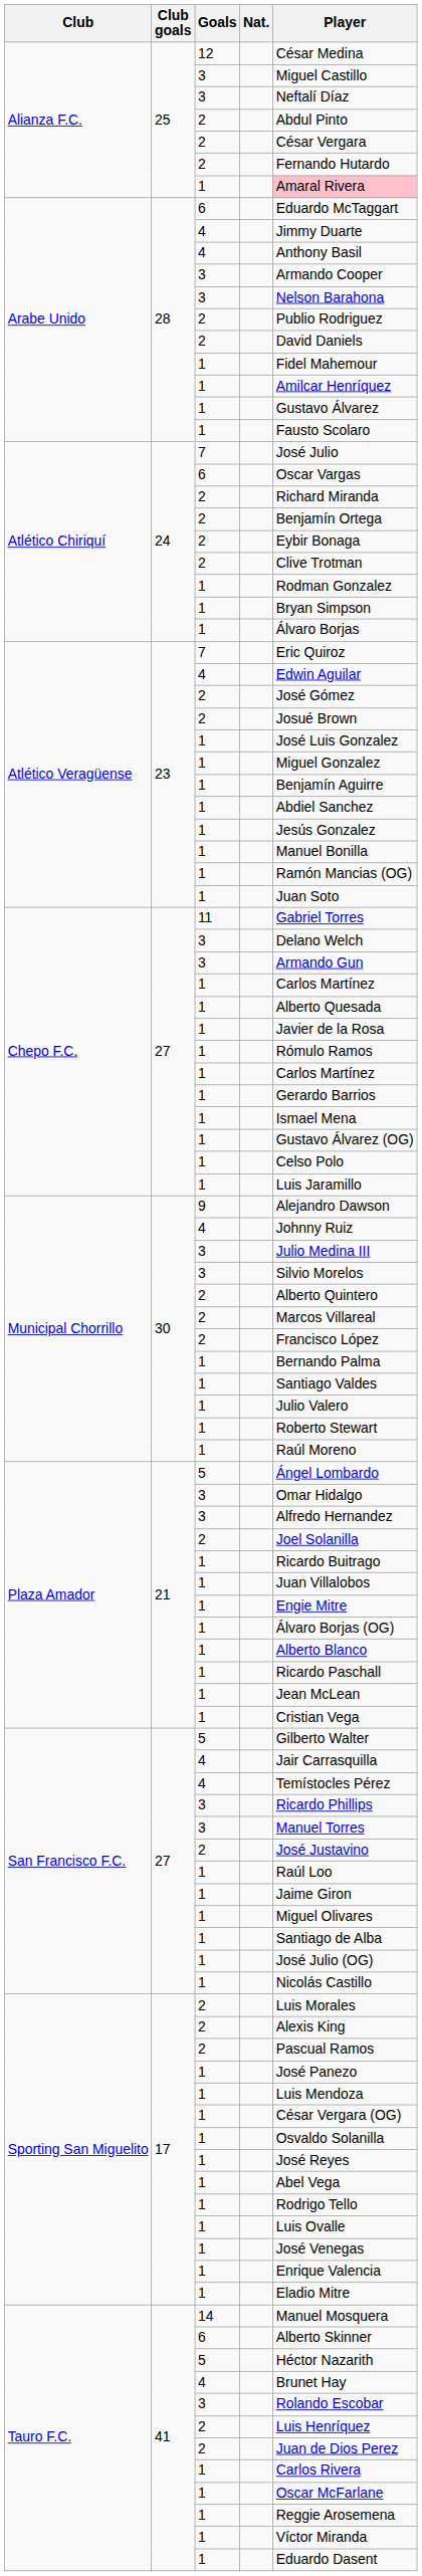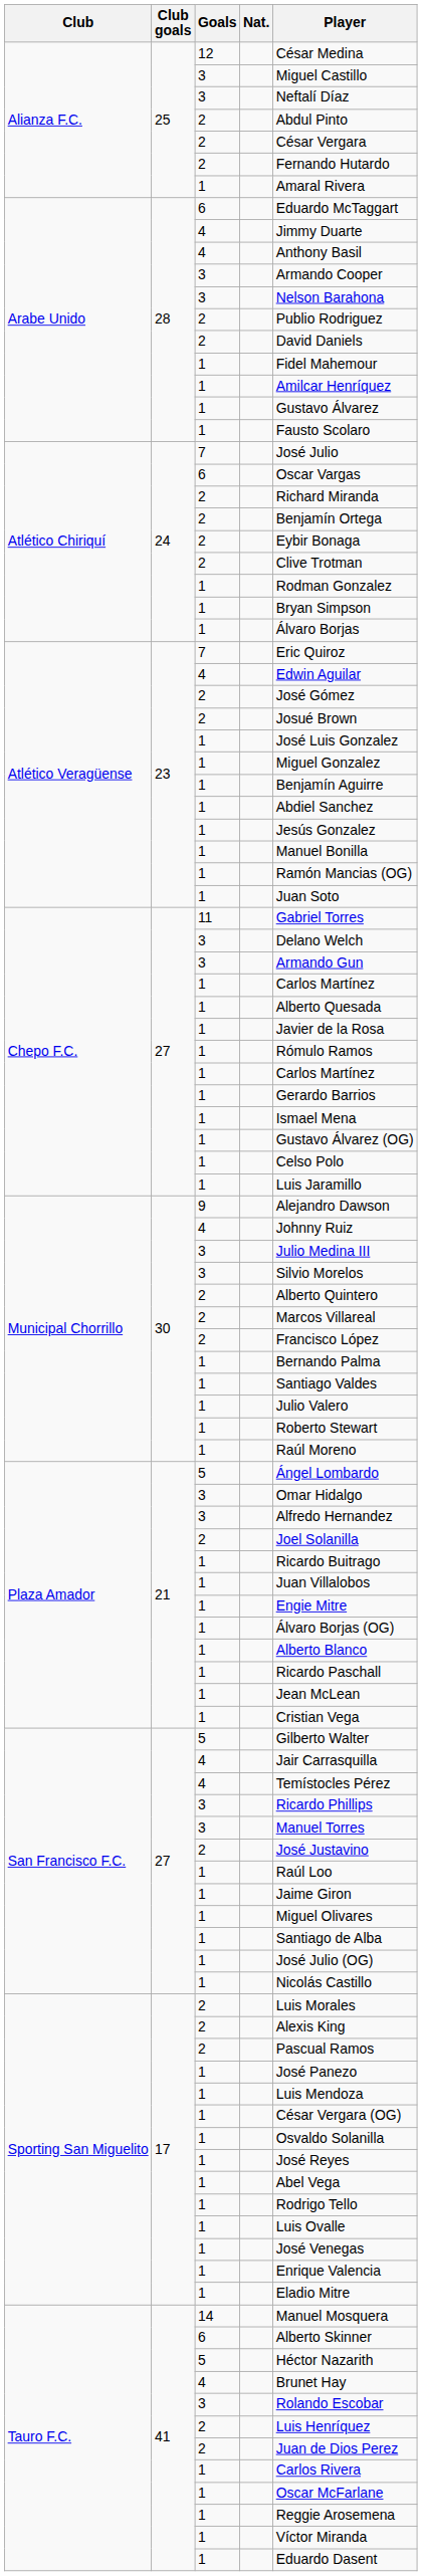 <table class="wikitable sortable">
 <tr>
 <th>Club</th>
 <th>Club<br>goals</th>
 <th>Goals</th>
 <th>Nat.</th>
 <th>Player</th>
 </tr>
 <tr>
 <td rowspan=7><a href='#'>Alianza F.C.</a></td>
 <td rowspan=7>25</td>
 <td>12</td>
 <td></td>
 <td>César Medina</td>
 </tr>
 <tr>
 <td>3</td>
 <td></td>
 <td>Miguel Castillo</td>
 </tr>
 <tr>
 <td>3</td>
 <td></td>
 <td>Neftalí Díaz</td>
 </tr>
 <tr>
 <td>2</td>
 <td></td>
 <td>Abdul Pinto</td>
 </tr>
 <tr>
 <td>2</td>
 <td></td>
 <td>César Vergara</td>
 </tr>
 <tr>
 <td>2</td>
 <td></td>
 <td>Fernando Hutardo</td>
 </tr>
 <tr>
 <td>1</td>
 <td></td>
-<td style="background: pink;">Amaral Rivera</td>
+<td>Amaral Rivera</td>
 </tr>
 <tr>
 <td rowspan=11><a href='#'>Arabe Unido</a></td>
 <td rowspan=11>28</td>
 <td>6</td>
 <td></td>
 <td>Eduardo McTaggart</td>
 </tr>
 <tr>
 <td>4</td>
 <td></td>
 <td>Jimmy Duarte</td>
 </tr>
 <tr>
 <td>4</td>
 <td></td>
 <td>Anthony Basil</td>
 </tr>
 <tr>
 <td>3</td>
 <td></td>
 <td>Armando Cooper</td>
 </tr>
 <tr>
 <td>3</td>
 <td></td>
 <td><a href='#'>Nelson Barahona</a></td>
 </tr>
 <tr>
 <td>2</td>
 <td></td>
 <td>Publio Rodriguez</td>
 </tr>
 <tr>
 <td>2</td>
 <td></td>
 <td>David Daniels</td>
 </tr>
 <tr>
 <td>1</td>
 <td></td>
 <td>Fidel Mahemour</td>
 </tr>
 <tr>
 <td>1</td>
 <td></td>
 <td><a href='#'>Amilcar Henríquez</a></td>
 </tr>
 <tr>
 <td>1</td>
 <td></td>
 <td>Gustavo Álvarez</td>
 </tr>
 <tr>
 <td>1</td>
 <td></td>
 <td>Fausto Scolaro</td>
 </tr>
 <tr>
 <td rowspan=9><a href='#'>Atlético Chiriquí</a></td>
 <td rowspan=9>24</td>
 <td>7</td>
 <td></td>
 <td>José Julio</td>
 </tr>
 <tr>
 <td>6</td>
 <td></td>
 <td>Oscar Vargas</td>
 </tr>
 <tr>
 <td>2</td>
 <td></td>
 <td>Richard Miranda</td>
 </tr>
 <tr>
 <td>2</td>
 <td></td>
 <td>Benjamín Ortega</td>
 </tr>
 <tr>
 <td>2</td>
 <td></td>
 <td>Eybir Bonaga</td>
 </tr>
 <tr>
 <td>2</td>
 <td></td>
 <td>Clive Trotman</td>
 </tr>
 <tr>
 <td>1</td>
 <td></td>
 <td>Rodman Gonzalez</td>
 </tr>
 <tr>
 <td>1</td>
 <td></td>
 <td>Bryan Simpson</td>
 </tr>
 <tr>
 <td>1</td>
 <td></td>
 <td>Álvaro Borjas</td>
 </tr>
 <tr>
 <td rowspan=12><a href='#'>Atlético Veragüense</a></td>
 <td rowspan=12>23</td>
 <td>7</td>
 <td></td>
 <td>Eric Quiroz</td>
 </tr>
 <tr>
 <td>4</td>
 <td></td>
 <td><a href='#'>Edwin Aguilar</a></td>
 </tr>
 <tr>
 <td>2</td>
 <td></td>
 <td>José Gómez</td>
 </tr>
 <tr>
 <td>2</td>
 <td></td>
 <td>Josué Brown</td>
 </tr>
 <tr>
 <td>1</td>
 <td></td>
 <td>José Luis Gonzalez</td>
 </tr>
 <tr>
 <td>1</td>
 <td></td>
 <td>Miguel Gonzalez</td>
 </tr>
 <tr>
 <td>1</td>
 <td></td>
 <td>Benjamín Aguirre</td>
 </tr>
 <tr>
 <td>1</td>
 <td></td>
 <td>Abdiel Sanchez</td>
 </tr>
 <tr>
 <td>1</td>
 <td></td>
 <td>Jesús Gonzalez</td>
 </tr>
 <tr>
 <td>1</td>
 <td></td>
 <td>Manuel Bonilla</td>
 </tr>
 <tr>
 <td>1</td>
 <td></td>
 <td>Ramón Mancias (OG)</td>
 </tr>
 <tr>
 <td>1</td>
 <td></td>
 <td>Juan Soto</td>
 </tr>
 <tr>
 <td rowspan=13><a href='#'>Chepo F.C.</a></td>
 <td rowspan=13>27</td>
 <td>11</td>
 <td></td>
 <td><a href='#'>Gabriel Torres</a></td>
 </tr>
 <tr>
 <td>3</td>
 <td></td>
 <td>Delano Welch</td>
 </tr>
 <tr>
 <td>3</td>
 <td></td>
 <td><a href='#'>Armando Gun</a></td>
 </tr>
 <tr>
 <td>1</td>
 <td></td>
 <td>Carlos Martínez</td>
 </tr>
 <tr>
 <td>1</td>
 <td></td>
 <td>Alberto Quesada</td>
 </tr>
 <tr>
 <td>1</td>
 <td></td>
 <td>Javier de la Rosa</td>
 </tr>
 <tr>
 <td>1</td>
 <td></td>
 <td>Rómulo Ramos</td>
 </tr>
 <tr>
 <td>1</td>
 <td></td>
 <td>Carlos Martínez</td>
 </tr>
 <tr>
 <td>1</td>
 <td></td>
 <td>Gerardo Barrios</td>
 </tr>
 <tr>
 <td>1</td>
 <td></td>
 <td>Ismael Mena</td>
 </tr>
 <tr>
 <td>1</td>
 <td></td>
 <td>Gustavo Álvarez (OG)</td>
 </tr>
 <tr>
 <td>1</td>
 <td></td>
 <td>Celso Polo</td>
 </tr>
 <tr>
 <td>1</td>
 <td></td>
 <td>Luis Jaramillo</td>
 </tr>
 <tr>
 <td rowspan=12><a href='#'>Municipal Chorrillo</a></td>
 <td rowspan=12>30</td>
 <td>9</td>
 <td></td>
 <td>Alejandro Dawson</td>
 </tr>
 <tr>
 <td>4</td>
 <td></td>
 <td>Johnny Ruiz</td>
 </tr>
 <tr>
 <td>3</td>
 <td></td>
 <td><a href='#'>Julio Medina III</a></td>
 </tr>
 <tr>
 <td>3</td>
 <td></td>
 <td>Silvio Morelos</td>
 </tr>
 <tr>
 <td>2</td>
 <td></td>
 <td>Alberto Quintero</td>
 </tr>
 <tr>
 <td>2</td>
 <td></td>
 <td>Marcos Villareal</td>
 </tr>
 <tr>
 <td>2</td>
 <td></td>
 <td>Francisco López</td>
 </tr>
 <tr>
 <td>1</td>
 <td></td>
 <td>Bernando Palma</td>
 </tr>
 <tr>
 <td>1</td>
 <td></td>
 <td>Santiago Valdes</td>
 </tr>
 <tr>
 <td>1</td>
 <td></td>
 <td>Julio Valero</td>
 </tr>
 <tr>
 <td>1</td>
 <td></td>
 <td>Roberto Stewart</td>
 </tr>
 <tr>
 <td>1</td>
 <td></td>
 <td>Raúl Moreno</td>
 </tr>
 <tr>
 <td rowspan=12><a href='#'>Plaza Amador</a></td>
 <td rowspan=12>21</td>
 <td>5</td>
 <td></td>
 <td><a href='#'>Ángel Lombardo</a></td>
 </tr>
 <tr>
 <td>3</td>
 <td></td>
 <td>Omar Hidalgo</td>
 </tr>
 <tr>
 <td>3</td>
 <td></td>
 <td>Alfredo Hernandez</td>
 </tr>
 <tr>
 <td>2</td>
 <td></td>
 <td><a href='#'>Joel Solanilla</a></td>
 </tr>
 <tr>
 <td>1</td>
 <td></td>
 <td>Ricardo Buitrago</td>
 </tr>
 <tr>
 <td>1</td>
 <td></td>
 <td>Juan Villalobos</td>
 </tr>
 <tr>
 <td>1</td>
 <td></td>
 <td><a href='#'>Engie Mitre</a></td>
 </tr>
 <tr>
 <td>1</td>
 <td></td>
 <td>Álvaro Borjas (OG)</td>
 </tr>
 <tr>
 <td>1</td>
 <td></td>
 <td><a href='#'>Alberto Blanco</a></td>
 </tr>
 <tr>
 <td>1</td>
 <td></td>
 <td>Ricardo Paschall</td>
 </tr>
 <tr>
 <td>1</td>
 <td></td>
 <td>Jean McLean</td>
 </tr>
 <tr>
 <td>1</td>
 <td></td>
 <td>Cristian Vega</td>
 </tr>
 <tr>
 <td rowspan=12><a href='#'>San Francisco F.C.</a></td>
 <td rowspan=12>27</td>
 <td>5</td>
 <td></td>
 <td>Gilberto Walter</td>
 </tr>
 <tr>
 <td>4</td>
 <td></td>
 <td>Jair Carrasquilla</td>
 </tr>
 <tr>
 <td>4</td>
 <td></td>
 <td>Temístocles Pérez</td>
 </tr>
 <tr>
 <td>3</td>
 <td></td>
 <td><a href='#'>Ricardo Phillips</a></td>
 </tr>
 <tr>
 <td>3</td>
 <td></td>
 <td><a href='#'>Manuel Torres</a></td>
 </tr>
 <tr>
 <td>2</td>
 <td></td>
 <td><a href='#'>José Justavino</a></td>
 </tr>
 <tr>
 <td>1</td>
 <td></td>
 <td>Raúl Loo</td>
 </tr>
 <tr>
 <td>1</td>
 <td></td>
 <td>Jaime Giron</td>
 </tr>
 <tr>
 <td>1</td>
 <td></td>
 <td>Miguel Olivares</td>
 </tr>
 <tr>
 <td>1</td>
 <td></td>
 <td>Santiago de Alba</td>
 </tr>
 <tr>
 <td>1</td>
 <td></td>
 <td>José Julio (OG)</td>
 </tr>
 <tr>
 <td>1</td>
 <td></td>
 <td>Nicolás Castillo</td>
 </tr>
 <tr>
 <td rowspan=14><a href='#'>Sporting San Miguelito</a></td>
 <td rowspan=14>17</td>
 <td>2</td>
 <td></td>
 <td>Luis Morales</td>
 </tr>
 <tr>
 <td>2</td>
 <td></td>
 <td>Alexis King</td>
 </tr>
 <tr>
 <td>2</td>
 <td></td>
 <td>Pascual Ramos</td>
 </tr>
 <tr>
 <td>1</td>
 <td></td>
 <td>José Panezo</td>
 </tr>
 <tr>
 <td>1</td>
 <td></td>
 <td>Luis Mendoza</td>
 </tr>
 <tr>
 <td>1</td>
 <td></td>
 <td>César Vergara (OG)</td>
 </tr>
 <tr>
 <td>1</td>
 <td></td>
 <td>Osvaldo Solanilla</td>
 </tr>
 <tr>
 <td>1</td>
 <td></td>
 <td>José Reyes</td>
 </tr>
 <tr>
 <td>1</td>
 <td></td>
 <td>Abel Vega</td>
 </tr>
 <tr>
 <td>1</td>
 <td></td>
 <td>Rodrigo Tello</td>
 </tr>
 <tr>
 <td>1</td>
 <td></td>
 <td>Luis Ovalle</td>
 </tr>
 <tr>
 <td>1</td>
 <td></td>
 <td>José Venegas</td>
 </tr>
 <tr>
 <td>1</td>
 <td></td>
 <td>Enrique Valencia</td>
 </tr>
 <tr>
 <td>1</td>
 <td></td>
 <td>Eladio Mitre</td>
 </tr>
 <tr>
 <td rowspan=12><a href='#'>Tauro F.C.</a></td>
 <td rowspan=12>41</td>
 <td>14</td>
 <td></td>
 <td>Manuel Mosquera</td>
 </tr>
 <tr>
 <td>6</td>
 <td></td>
 <td>Alberto Skinner</td>
 </tr>
 <tr>
 <td>5</td>
 <td></td>
 <td>Héctor Nazarith</td>
 </tr>
 <tr>
 <td>4</td>
 <td></td>
 <td>Brunet Hay</td>
 </tr>
 <tr>
 <td>3</td>
 <td></td>
 <td><a href='#'>Rolando Escobar</a></td>
 </tr>
 <tr>
 <td>2</td>
 <td></td>
 <td><a href='#'>Luis Henríquez</a></td>
 </tr>
 <tr>
 <td>2</td>
 <td></td>
 <td><a href='#'>Juan de Dios Perez</a></td>
 </tr>
 <tr>
 <td>1</td>
 <td></td>
 <td><a href='#'>Carlos Rivera</a></td>
 </tr>
 <tr>
 <td>1</td>
 <td></td>
 <td><a href='#'>Oscar McFarlane</a></td>
 </tr>
 <tr>
 <td>1</td>
 <td></td>
 <td>Reggie Arosemena</td>
 </tr>
 <tr>
 <td>1</td>
 <td></td>
 <td>Víctor Miranda</td>
 </tr>
 <tr>
 <td>1</td>
 <td></td>
 <td>Eduardo Dasent</td>
 </tr>
 </table>
